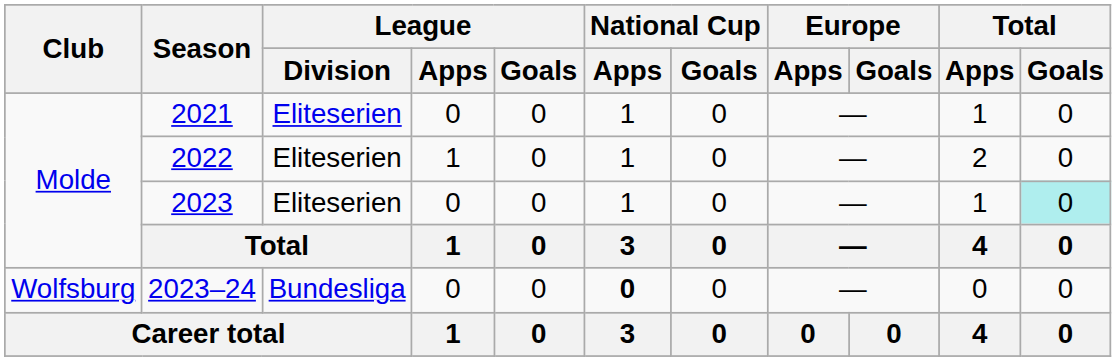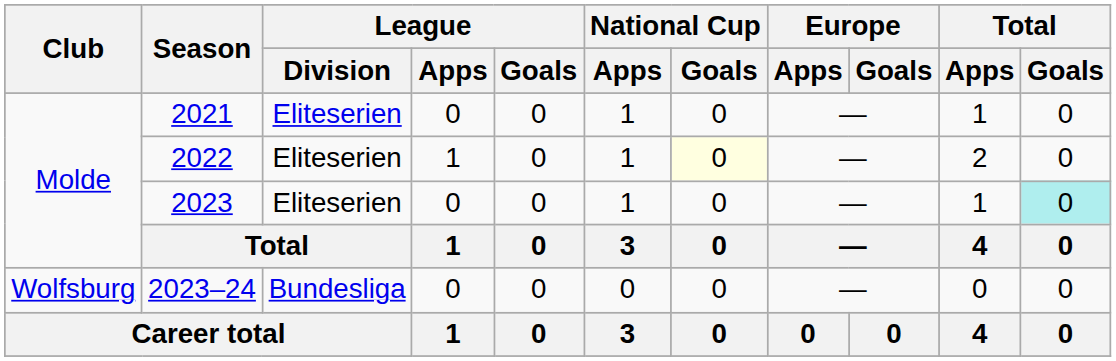 <table class="wikitable" style="text-align: center">
 <tr>
 <th rowspan="2">Club</th>
 <th rowspan="2">Season</th>
 <th colspan="3">League</th>
 <th colspan="2">National Cup</th>
 <th colspan="2">Europe</th>
 <th colspan="2">Total</th>
 </tr>
 <tr>
 <th>Division</th>
 <th>Apps</th>
 <th>Goals</th>
 <th>Apps</th>
 <th>Goals</th>
 <th>Apps</th>
 <th>Goals</th>
 <th>Apps</th>
 <th>Goals</th>
 </tr>
 <tr>
 <td rowspan="4"><a href='#'>Molde</a></td>
 <td><a href='#'>2021</a></td>
 <td><a href='#'>Eliteserien</a></td>
 <td>0</td>
 <td>0</td>
 <td>1</td>
 <td>0</td>
 <td colspan="2">—</td>
 <td>1</td>
 <td>0</td>
 </tr>
 <tr>
 <td><a href='#'>2022</a></td>
 <td>Eliteserien</td>
 <td>1</td>
 <td>0</td>
 <td>1</td>
-<td>0</td>
+<td style="background: lightyellow;">0</td>
 <td colspan="2">—</td>
 <td>2</td>
 <td>0</td>
 </tr>
 <tr>
 <td><a href='#'>2023</a></td>
 <td>Eliteserien</td>
 <td>0</td>
 <td>0</td>
 <td>1</td>
 <td>0</td>
 <td colspan="2">—</td>
 <td>1</td>
 <td style="background: paleturquoise;">0</td>
 </tr>
 <tr>
 <th colspan="2">Total</th>
 <th>1</th>
 <th>0</th>
 <th>3</th>
 <th>0</th>
 <th colspan="2">—</th>
 <th>4</th>
 <th>0</th>
 </tr>
 <tr>
 <td><a href='#'>Wolfsburg</a></td>
 <td><a href='#'>2023–24</a></td>
 <td><a href='#'>Bundesliga</a></td>
 <td>0</td>
 <td>0</td>
-<td><strong>0</strong></td>
+<td>0</td>
 <td>0</td>
 <td colspan="2">—</td>
 <td>0</td>
 <td>0</td>
 </tr>
 <tr>
 <th colspan="3">Career total</th>
 <th>1</th>
 <th>0</th>
 <th>3</th>
 <th>0</th>
 <th>0</th>
 <th>0</th>
 <th>4</th>
 <th>0</th>
 </tr>
 </table>
